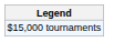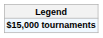 <table class="wikitable" style="font-size:85%">
 <tr>
 <th>Legend</th>
 </tr>
 <tr style="background:#f0f8ff;">
-<td>$15,000 tournaments</td>
+<td><strong>$15,000 tournaments</strong></td>
 </tr>
 </table>
